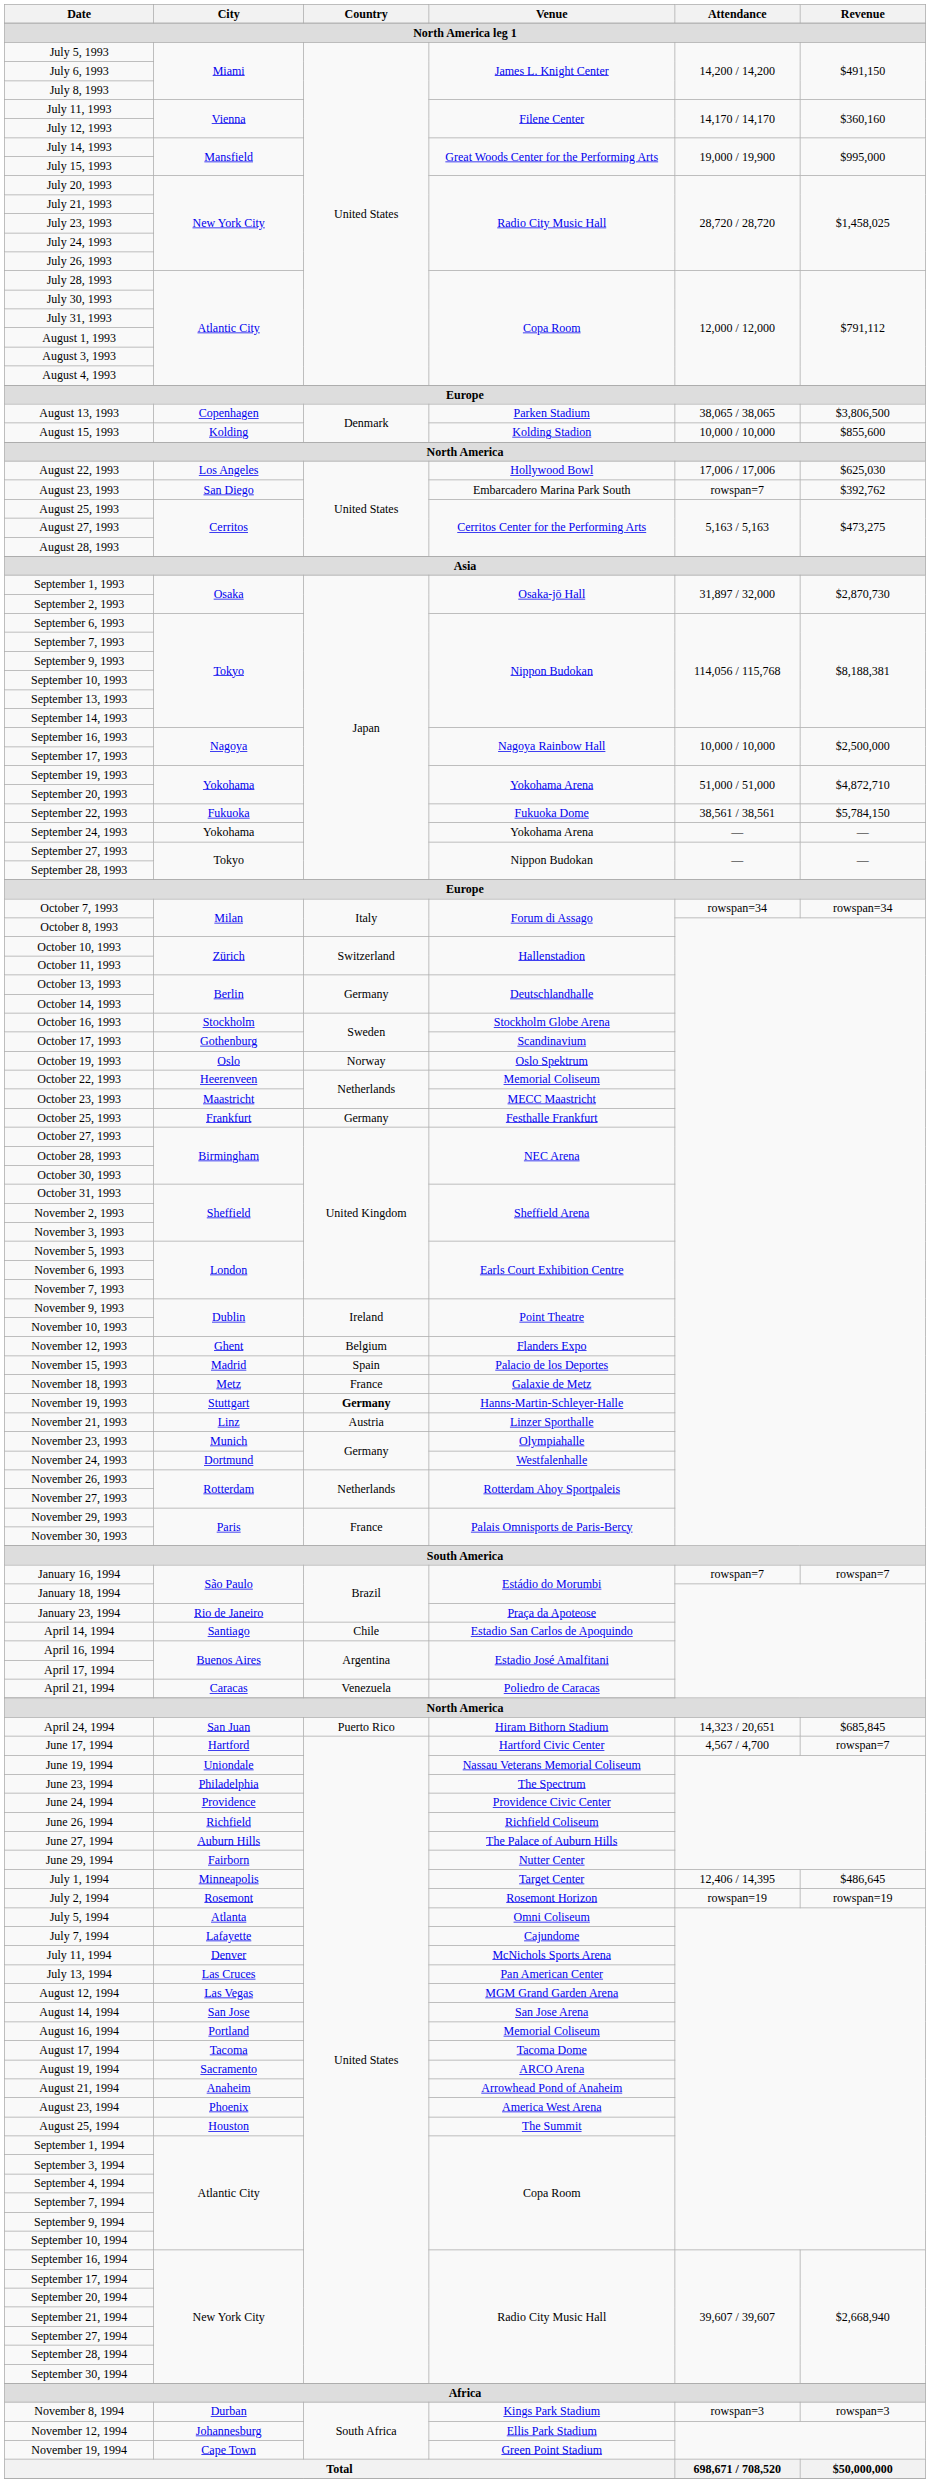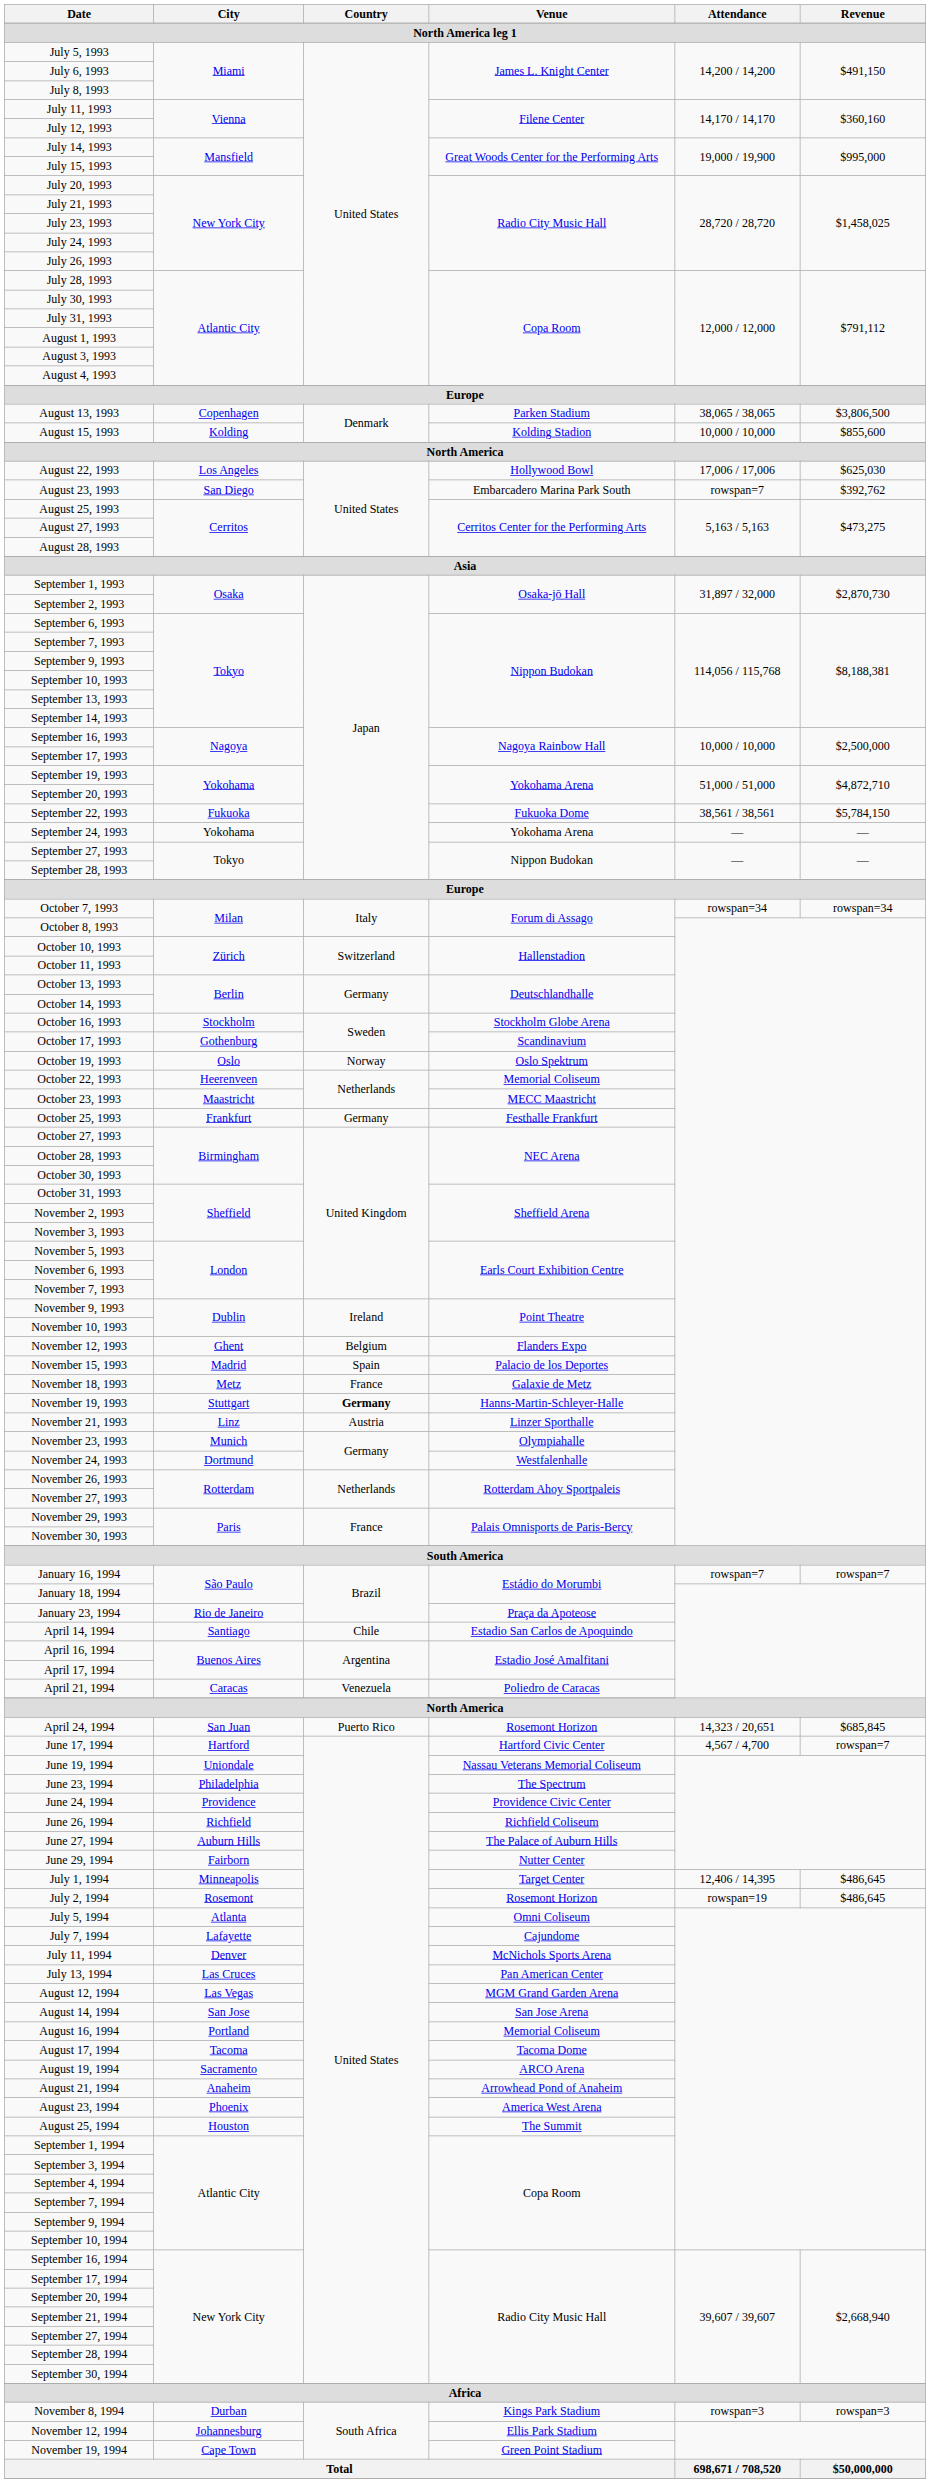 <table class="wikitable" style="text-align:center;">
 <tr>
 <th scope="col" style="width:12em;">Date</th>
 <th scope="col" style="width:12em;">City</th>
 <th scope="col" style="width:10em;">Country</th>
 <th scope="col" style="width:20em;">Venue</th>
 <th scope="col" style="width:10em;">Attendance</th>
 <th scope="col" style="width:10em;">Revenue</th>
 </tr>
 <tr>
 </tr>
 <tr bgcolor="#DDDDDD">
 <td colspan="6"><strong>North America leg 1</strong></td>
 </tr>
 <tr>
 <td>July 5, 1993</td>
 <td rowspan="3"><a href='#'>Miami</a></td>
 <td rowspan="18">United States</td>
 <td rowspan="3"><a href='#'>James L. Knight Center</a></td>
 <td rowspan=3>14,200 / 14,200</td>
 <td rowspan=3>$491,150</td>
 </tr>
 <tr>
 <td>July 6, 1993</td>
 </tr>
 <tr>
 <td>July 8, 1993</td>
 </tr>
 <tr>
 <td>July 11, 1993</td>
 <td rowspan="2"><a href='#'>Vienna</a></td>
 <td rowspan="2"><a href='#'>Filene Center</a></td>
 <td rowspan=2>14,170 / 14,170</td>
 <td rowspan=2>$360,160</td>
 </tr>
 <tr>
 <td>July 12, 1993</td>
 </tr>
 <tr>
 <td>July 14, 1993</td>
 <td rowspan="2"><a href='#'>Mansfield</a></td>
 <td rowspan="2"><a href='#'>Great Woods Center for the Performing Arts</a></td>
 <td rowspan="2">19,000 / 19,900</td>
 <td rowspan="2">$995,000</td>
 </tr>
 <tr>
 <td>July 15, 1993</td>
 </tr>
 <tr>
 <td>July 20, 1993</td>
 <td rowspan="5"><a href='#'>New York City</a></td>
 <td rowspan="5"><a href='#'>Radio City Music Hall</a></td>
 <td rowspan=5>28,720 / 28,720</td>
 <td rowspan=5>$1,458,025</td>
 </tr>
 <tr>
 <td>July 21, 1993</td>
 </tr>
 <tr>
 <td>July 23, 1993</td>
 </tr>
 <tr>
 <td>July 24, 1993</td>
 </tr>
 <tr>
 <td>July 26, 1993</td>
 </tr>
 <tr>
 <td>July 28, 1993</td>
 <td rowspan="6"><a href='#'>Atlantic City</a></td>
 <td rowspan="6"><a href='#'>Copa Room</a></td>
 <td rowspan="6">12,000 / 12,000</td>
 <td rowspan="6">$791,112</td>
 </tr>
 <tr>
 <td>July 30, 1993</td>
 </tr>
 <tr>
 <td>July 31, 1993</td>
 </tr>
 <tr>
 <td>August 1, 1993</td>
 </tr>
 <tr>
 <td>August 3, 1993</td>
 </tr>
 <tr>
 <td>August 4, 1993</td>
 </tr>
 <tr>
 </tr>
 <tr bgcolor="#DDDDDD">
 <td colspan="6"><strong>Europe</strong></td>
 </tr>
 <tr>
 <td>August 13, 1993</td>
 <td><a href='#'>Copenhagen</a></td>
 <td rowspan="2">Denmark</td>
 <td><a href='#'>Parken Stadium</a></td>
 <td>38,065 / 38,065</td>
 <td>$3,806,500</td>
 </tr>
 <tr>
 <td>August 15, 1993</td>
 <td><a href='#'>Kolding</a></td>
 <td><a href='#'>Kolding Stadion</a></td>
 <td>10,000 / 10,000</td>
 <td>$855,600</td>
 </tr>
 <tr>
 </tr>
 <tr bgcolor="#DDDDDD">
 <td colspan="6"><strong>North America</strong></td>
 </tr>
 <tr>
 <td>August 22, 1993</td>
 <td><a href='#'>Los Angeles</a></td>
 <td rowspan="5">United States</td>
 <td><a href='#'>Hollywood Bowl</a></td>
 <td>17,006 / 17,006</td>
 <td>$625,030</td>
 </tr>
 <tr>
 <td>August 23, 1993</td>
 <td><a href='#'>San Diego</a></td>
 <td>Embarcadero Marina Park South</td>
 <td>rowspan=7 </td>
 <td>$392,762</td>
 </tr>
 <tr>
 <td>August 25, 1993</td>
 <td rowspan="3"><a href='#'>Cerritos</a></td>
 <td rowspan="3"><a href='#'>Cerritos Center for the Performing Arts</a></td>
 <td rowspan="3">5,163 / 5,163</td>
 <td rowspan="3">$473,275</td>
 </tr>
 <tr>
 <td>August 27, 1993</td>
 </tr>
 <tr>
 <td>August 28, 1993</td>
 </tr>
 <tr>
 </tr>
 <tr bgcolor="#DDDDDD">
 <td colspan="6"><strong>Asia</strong></td>
 </tr>
 <tr>
 <td>September 1, 1993</td>
 <td rowspan="2"><a href='#'>Osaka</a></td>
 <td rowspan="16">Japan</td>
 <td rowspan="2"><a href='#'>Osaka-jō Hall</a></td>
 <td rowspan="2">31,897 / 32,000</td>
 <td rowspan="2">$2,870,730</td>
 </tr>
 <tr>
 <td>September 2, 1993</td>
 </tr>
 <tr>
 <td>September 6, 1993</td>
 <td rowspan="6"><a href='#'>Tokyo</a></td>
 <td rowspan="6"><a href='#'>Nippon Budokan</a></td>
 <td rowspan="6">114,056 / 115,768</td>
 <td rowspan="6">$8,188,381</td>
 </tr>
 <tr>
 <td>September 7, 1993</td>
 </tr>
 <tr>
 <td>September 9, 1993</td>
 </tr>
 <tr>
 <td>September 10, 1993</td>
 </tr>
 <tr>
 <td>September 13, 1993</td>
 </tr>
 <tr>
 <td>September 14, 1993</td>
 </tr>
 <tr>
 <td>September 16, 1993</td>
 <td rowspan="2"><a href='#'>Nagoya</a></td>
 <td rowspan="2"><a href='#'>Nagoya Rainbow Hall</a></td>
 <td rowspan="2">10,000 / 10,000</td>
 <td rowspan="2">$2,500,000</td>
 </tr>
 <tr>
 <td>September 17, 1993</td>
 </tr>
 <tr>
 <td>September 19, 1993</td>
 <td rowspan="2"><a href='#'>Yokohama</a></td>
 <td rowspan="2"><a href='#'>Yokohama Arena</a></td>
 <td rowspan="2">51,000 / 51,000</td>
 <td rowspan="2">$4,872,710</td>
 </tr>
 <tr>
 <td>September 20, 1993</td>
 </tr>
 <tr>
 <td>September 22, 1993</td>
 <td><a href='#'>Fukuoka</a></td>
 <td><a href='#'>Fukuoka Dome</a></td>
 <td>38,561 / 38,561</td>
 <td>$5,784,150</td>
 </tr>
 <tr>
 <td>September 24, 1993</td>
 <td>Yokohama</td>
 <td>Yokohama Arena</td>
 <td>—</td>
 <td>—</td>
 </tr>
 <tr>
 <td>September 27, 1993</td>
 <td rowspan="2">Tokyo</td>
 <td rowspan="2">Nippon Budokan</td>
 <td rowspan="2">—</td>
 <td rowspan="2">—</td>
 </tr>
 <tr>
 <td>September 28, 1993</td>
 </tr>
 <tr>
 </tr>
 <tr bgcolor="#DDDDDD">
 <td colspan="6"><strong>Europe</strong></td>
 </tr>
 <tr>
 <td>October 7, 1993</td>
 <td rowspan="2"><a href='#'>Milan</a></td>
 <td rowspan="2">Italy</td>
 <td rowspan="2"><a href='#'>Forum di Assago</a></td>
 <td>rowspan=34 </td>
 <td>rowspan=34 </td>
 </tr>
 <tr>
 <td>October 8, 1993</td>
 </tr>
 <tr>
 <td>October 10, 1993</td>
 <td rowspan="2"><a href='#'>Zürich</a></td>
 <td rowspan="2">Switzerland</td>
 <td rowspan="2"><a href='#'>Hallenstadion</a></td>
 </tr>
 <tr>
 <td>October 11, 1993</td>
 </tr>
 <tr>
 <td>October 13, 1993</td>
 <td rowspan="2"><a href='#'>Berlin</a></td>
 <td rowspan="2">Germany</td>
 <td rowspan="2"><a href='#'>Deutschlandhalle</a></td>
 </tr>
 <tr>
 <td>October 14, 1993</td>
 </tr>
 <tr>
 <td>October 16, 1993</td>
 <td><a href='#'>Stockholm</a></td>
 <td rowspan="2">Sweden</td>
 <td><a href='#'>Stockholm Globe Arena</a></td>
 </tr>
 <tr>
 <td>October 17, 1993</td>
 <td><a href='#'>Gothenburg</a></td>
 <td><a href='#'>Scandinavium</a></td>
 </tr>
 <tr>
 <td>October 19, 1993</td>
 <td><a href='#'>Oslo</a></td>
 <td>Norway</td>
 <td><a href='#'>Oslo Spektrum</a></td>
 </tr>
 <tr>
 <td>October 22, 1993</td>
 <td><a href='#'>Heerenveen</a></td>
 <td rowspan="2">Netherlands</td>
 <td><a href='#'>Memorial Coliseum</a></td>
 </tr>
 <tr>
 <td>October 23, 1993</td>
 <td><a href='#'>Maastricht</a></td>
 <td><a href='#'>MECC Maastricht</a></td>
 </tr>
 <tr>
 <td>October 25, 1993</td>
 <td><a href='#'>Frankfurt</a></td>
 <td>Germany</td>
 <td><a href='#'>Festhalle Frankfurt</a></td>
 </tr>
 <tr>
 <td>October 27, 1993</td>
 <td rowspan="3"><a href='#'>Birmingham</a></td>
 <td rowspan="9">United Kingdom</td>
 <td rowspan="3"><a href='#'>NEC Arena</a></td>
 </tr>
 <tr>
 <td>October 28, 1993</td>
 </tr>
 <tr>
 <td>October 30, 1993</td>
 </tr>
 <tr>
 <td>October 31, 1993</td>
 <td rowspan="3"><a href='#'>Sheffield</a></td>
 <td rowspan="3"><a href='#'>Sheffield Arena</a></td>
 </tr>
 <tr>
 <td>November 2, 1993</td>
 </tr>
 <tr>
 <td>November 3, 1993</td>
 </tr>
 <tr>
 <td>November 5, 1993</td>
 <td rowspan="3"><a href='#'>London</a></td>
 <td rowspan="3"><a href='#'>Earls Court Exhibition Centre</a></td>
 </tr>
 <tr>
 <td>November 6, 1993</td>
 </tr>
 <tr>
 <td>November 7, 1993</td>
 </tr>
 <tr>
 <td>November 9, 1993</td>
 <td rowspan="2"><a href='#'>Dublin</a></td>
 <td rowspan="2">Ireland</td>
 <td rowspan="2"><a href='#'>Point Theatre</a></td>
 </tr>
 <tr>
 <td>November 10, 1993</td>
 </tr>
 <tr>
 <td>November 12, 1993</td>
 <td><a href='#'>Ghent</a></td>
 <td>Belgium</td>
 <td><a href='#'>Flanders Expo</a></td>
 </tr>
 <tr>
 <td>November 15, 1993</td>
 <td><a href='#'>Madrid</a></td>
 <td>Spain</td>
 <td><a href='#'>Palacio de los Deportes</a></td>
 </tr>
 <tr>
 <td>November 18, 1993</td>
 <td><a href='#'>Metz</a></td>
 <td>France</td>
 <td><a href='#'>Galaxie de Metz</a></td>
 </tr>
 <tr>
 <td>November 19, 1993</td>
 <td><a href='#'>Stuttgart</a></td>
 <td><strong>Germany</strong></td>
 <td><a href='#'>Hanns-Martin-Schleyer-Halle</a></td>
 </tr>
 <tr>
 <td>November 21, 1993</td>
 <td><a href='#'>Linz</a></td>
 <td>Austria</td>
 <td><a href='#'>Linzer Sporthalle</a></td>
 </tr>
 <tr>
 <td>November 23, 1993</td>
 <td><a href='#'>Munich</a></td>
 <td rowspan="2">Germany</td>
 <td><a href='#'>Olympiahalle</a></td>
 </tr>
 <tr>
 <td>November 24, 1993</td>
 <td><a href='#'>Dortmund</a></td>
 <td><a href='#'>Westfalenhalle</a></td>
 </tr>
 <tr>
 <td>November 26, 1993</td>
 <td rowspan="2"><a href='#'>Rotterdam</a></td>
 <td rowspan="2">Netherlands</td>
 <td rowspan="2"><a href='#'>Rotterdam Ahoy Sportpaleis</a></td>
 </tr>
 <tr>
 <td>November 27, 1993</td>
 </tr>
 <tr>
 <td>November 29, 1993</td>
 <td rowspan="2"><a href='#'>Paris</a></td>
 <td rowspan="2">France</td>
 <td rowspan="2"><a href='#'>Palais Omnisports de Paris-Bercy</a></td>
 </tr>
 <tr>
 <td>November 30, 1993</td>
 </tr>
 <tr>
 </tr>
 <tr bgcolor="#DDDDDD">
 <td colspan="6"><strong>South America</strong></td>
 </tr>
 <tr>
 <td>January 16, 1994</td>
 <td rowspan="2"><a href='#'>São Paulo</a></td>
 <td rowspan="3">Brazil</td>
 <td rowspan="2"><a href='#'>Estádio do Morumbi</a></td>
 <td>rowspan=7 </td>
 <td>rowspan=7 </td>
 </tr>
 <tr>
 <td>January 18, 1994</td>
 </tr>
 <tr>
 <td>January 23, 1994</td>
 <td><a href='#'>Rio de Janeiro</a></td>
 <td><a href='#'>Praça da Apoteose</a></td>
 </tr>
 <tr>
 <td>April 14, 1994</td>
 <td><a href='#'>Santiago</a></td>
 <td>Chile</td>
 <td><a href='#'>Estadio San Carlos de Apoquindo</a></td>
 </tr>
 <tr>
 <td>April 16, 1994</td>
 <td rowspan="2"><a href='#'>Buenos Aires</a></td>
 <td rowspan="2">Argentina</td>
 <td rowspan="2"><a href='#'>Estadio José Amalfitani</a></td>
 </tr>
 <tr>
 <td>April 17, 1994</td>
 </tr>
 <tr>
 <td>April 21, 1994</td>
 <td><a href='#'>Caracas</a></td>
 <td>Venezuela</td>
 <td><a href='#'>Poliedro de Caracas</a></td>
 </tr>
 <tr>
 </tr>
 <tr bgcolor="#DDDDDD">
 <td colspan="6"><strong>North America</strong></td>
 </tr>
 <tr>
 <td>April 24, 1994</td>
 <td><a href='#'>San Juan</a></td>
 <td>Puerto Rico</td>
-<td><a href='#'>Hiram Bithorn Stadium</a></td>
+<td><a href='#'>Rosemont Horizon</a></td>
 <td>14,323 / 20,651</td>
 <td>$685,845</td>
 </tr>
 <tr>
 <td>June 17, 1994</td>
 <td><a href='#'>Hartford</a></td>
 <td rowspan="34">United States</td>
 <td><a href='#'>Hartford Civic Center</a></td>
 <td>4,567 / 4,700</td>
 <td>rowspan=7 </td>
 </tr>
 <tr>
 <td>June 19, 1994</td>
 <td><a href='#'>Uniondale</a></td>
 <td><a href='#'>Nassau Veterans Memorial Coliseum</a></td>
 </tr>
 <tr>
 <td>June 23, 1994</td>
 <td><a href='#'>Philadelphia</a></td>
 <td><a href='#'>The Spectrum</a></td>
 </tr>
 <tr>
 <td>June 24, 1994</td>
 <td><a href='#'>Providence</a></td>
 <td><a href='#'>Providence Civic Center</a></td>
 </tr>
 <tr>
 <td>June 26, 1994</td>
 <td><a href='#'>Richfield</a></td>
 <td><a href='#'>Richfield Coliseum</a></td>
 </tr>
 <tr>
 <td>June 27, 1994</td>
 <td><a href='#'>Auburn Hills</a></td>
 <td><a href='#'>The Palace of Auburn Hills</a></td>
 </tr>
 <tr>
 <td>June 29, 1994</td>
 <td><a href='#'>Fairborn</a></td>
 <td><a href='#'>Nutter Center</a></td>
 </tr>
 <tr>
 <td>July 1, 1994</td>
 <td><a href='#'>Minneapolis</a></td>
 <td><a href='#'>Target Center</a></td>
 <td>12,406 / 14,395</td>
 <td>$486,645</td>
 </tr>
 <tr>
 <td>July 2, 1994</td>
 <td><a href='#'>Rosemont</a></td>
 <td><a href='#'>Rosemont Horizon</a></td>
 <td>rowspan=19 </td>
-<td>rowspan=19 </td>
+<td>$486,645</td>
 </tr>
 <tr>
 <td>July 5, 1994</td>
 <td><a href='#'>Atlanta</a></td>
 <td><a href='#'>Omni Coliseum</a></td>
 </tr>
 <tr>
 <td>July 7, 1994</td>
 <td><a href='#'>Lafayette</a></td>
 <td><a href='#'>Cajundome</a></td>
 </tr>
 <tr>
 <td>July 11, 1994</td>
 <td><a href='#'>Denver</a></td>
 <td><a href='#'>McNichols Sports Arena</a></td>
 </tr>
 <tr>
 <td>July 13, 1994</td>
 <td><a href='#'>Las Cruces</a></td>
 <td><a href='#'>Pan American Center</a></td>
 </tr>
 <tr>
 <td>August 12, 1994</td>
 <td><a href='#'>Las Vegas</a></td>
 <td><a href='#'>MGM Grand Garden Arena</a></td>
 </tr>
 <tr>
 <td>August 14, 1994</td>
 <td><a href='#'>San Jose</a></td>
 <td><a href='#'>San Jose Arena</a></td>
 </tr>
 <tr>
 <td>August 16, 1994</td>
 <td><a href='#'>Portland</a></td>
 <td><a href='#'>Memorial Coliseum</a></td>
 </tr>
 <tr>
 <td>August 17, 1994</td>
 <td><a href='#'>Tacoma</a></td>
 <td><a href='#'>Tacoma Dome</a></td>
 </tr>
 <tr>
 <td>August 19, 1994</td>
 <td><a href='#'>Sacramento</a></td>
 <td><a href='#'>ARCO Arena</a></td>
 </tr>
 <tr>
 <td>August 21, 1994</td>
 <td><a href='#'>Anaheim</a></td>
 <td><a href='#'>Arrowhead Pond of Anaheim</a></td>
 </tr>
 <tr>
 <td>August 23, 1994</td>
 <td><a href='#'>Phoenix</a></td>
 <td><a href='#'>America West Arena</a></td>
 </tr>
 <tr>
 <td>August 25, 1994</td>
 <td><a href='#'>Houston</a></td>
 <td><a href='#'>The Summit</a></td>
 </tr>
 <tr>
 <td>September 1, 1994</td>
 <td rowspan="6">Atlantic City</td>
 <td rowspan="6">Copa Room</td>
 </tr>
 <tr>
 <td>September 3, 1994</td>
 </tr>
 <tr>
 <td>September 4, 1994</td>
 </tr>
 <tr>
 <td>September 7, 1994</td>
 </tr>
 <tr>
 <td>September 9, 1994</td>
 </tr>
 <tr>
 <td>September 10, 1994</td>
 </tr>
 <tr>
 <td>September 16, 1994</td>
 <td rowspan="7">New York City</td>
 <td rowspan="7">Radio City Music Hall</td>
 <td rowspan=7>39,607 / 39,607</td>
 <td rowspan=7>$2,668,940</td>
 </tr>
 <tr>
 <td>September 17, 1994</td>
 </tr>
 <tr>
 <td>September 20, 1994</td>
 </tr>
 <tr>
 <td>September 21, 1994</td>
 </tr>
 <tr>
 <td>September 27, 1994</td>
 </tr>
 <tr>
 <td>September 28, 1994</td>
 </tr>
 <tr>
 <td>September 30, 1994</td>
 </tr>
 <tr>
 </tr>
 <tr bgcolor="#DDDDDD">
 <td colspan="6"><strong>Africa</strong></td>
 </tr>
 <tr>
 <td>November 8, 1994</td>
 <td><a href='#'>Durban</a></td>
 <td rowspan="3">South Africa</td>
 <td><a href='#'>Kings Park Stadium</a></td>
 <td>rowspan=3 </td>
 <td>rowspan=3 </td>
 </tr>
 <tr>
 <td>November 12, 1994</td>
 <td><a href='#'>Johannesburg</a></td>
 <td><a href='#'>Ellis Park Stadium</a></td>
 </tr>
 <tr>
 <td>November 19, 1994</td>
 <td><a href='#'>Cape Town</a></td>
 <td><a href='#'>Green Point Stadium</a></td>
 </tr>
 <tr>
 <th colspan="4">Total</th>
 <th>698,671 / 708,520</th>
 <th>$50,000,000</th>
 </tr>
 <tr>
 </tr>
 </table>
